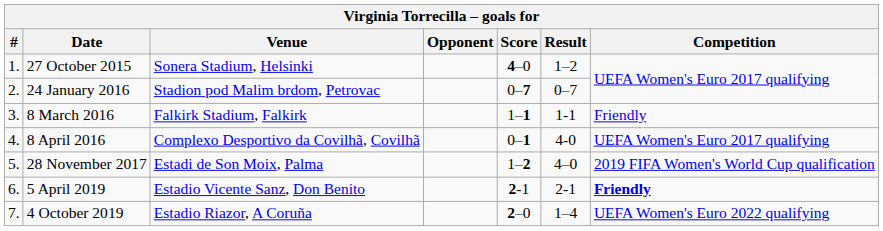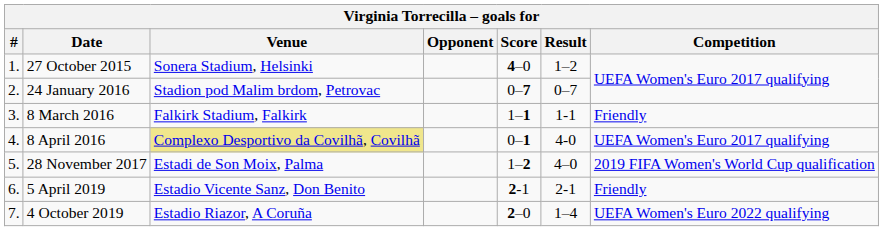 <table class="wikitable collapsible">
 <tr>
 <th colspan="7"><strong>Virginia Torrecilla – goals for </strong></th>
 </tr>
 <tr>
 <th>#</th>
 <th>Date</th>
 <th>Venue</th>
 <th>Opponent</th>
 <th>Score</th>
 <th>Result</th>
 <th>Competition</th>
 </tr>
 <tr>
 <td align="center">1.</td>
 <td>27 October 2015</td>
 <td><a href='#'>Sonera Stadium</a>, <a href='#'>Helsinki</a></td>
 <td></td>
 <td align=center><strong>4</strong>–0</td>
 <td align="center">1–2</td>
 <td rowspan="2"><a href='#'>UEFA Women's Euro 2017 qualifying</a></td>
 </tr>
 <tr>
 <td align="center">2.</td>
 <td>24 January 2016</td>
 <td><a href='#'>Stadion pod Malim brdom</a>, <a href='#'>Petrovac</a></td>
 <td></td>
 <td align="center">0–<strong>7</strong></td>
 <td align=center>0–7</td>
 </tr>
 <tr>
 <td align="center">3.</td>
 <td>8 March 2016</td>
 <td><a href='#'>Falkirk Stadium</a>, <a href='#'>Falkirk</a></td>
 <td></td>
 <td align="center">1–<strong>1</strong></td>
 <td align=center>1-1</td>
 <td><a href='#'>Friendly</a></td>
 </tr>
 <tr>
 <td align="center">4.</td>
 <td>8 April 2016</td>
-<td><a href='#'>Complexo Desportivo da Covilhã</a>, <a href='#'>Covilhã</a></td>
+<td style="background: khaki;"><a href='#'>Complexo Desportivo da Covilhã</a>, <a href='#'>Covilhã</a></td>
 <td></td>
 <td align="center">0–<strong>1</strong></td>
 <td align=center>4-0</td>
 <td><a href='#'>UEFA Women's Euro 2017 qualifying</a></td>
 </tr>
 <tr>
 <td align="center">5.</td>
 <td>28 November 2017</td>
 <td><a href='#'>Estadi de Son Moix</a>, <a href='#'>Palma</a></td>
 <td></td>
 <td align="center">1–<strong>2</strong></td>
 <td align="center">4–0</td>
 <td><a href='#'>2019 FIFA Women's World Cup qualification</a></td>
 </tr>
 <tr>
 <td align="center">6.</td>
 <td>5 April 2019</td>
 <td><a href='#'>Estadio Vicente Sanz</a>, <a href='#'>Don Benito</a></td>
 <td></td>
 <td align="center"><strong>2</strong>-1</td>
 <td align=center>2-1</td>
-<td><strong><a href='#'>Friendly</a></strong></td>
+<td><a href='#'>Friendly</a></td>
 </tr>
 <tr>
 <td align="center">7.</td>
 <td>4 October 2019</td>
 <td><a href='#'>Estadio Riazor</a>, <a href='#'>A Coruña</a></td>
 <td></td>
 <td align="center"><strong>2</strong>–0</td>
 <td align=center>1–4</td>
 <td><a href='#'>UEFA Women's Euro 2022 qualifying</a></td>
 </tr>
 </table>
